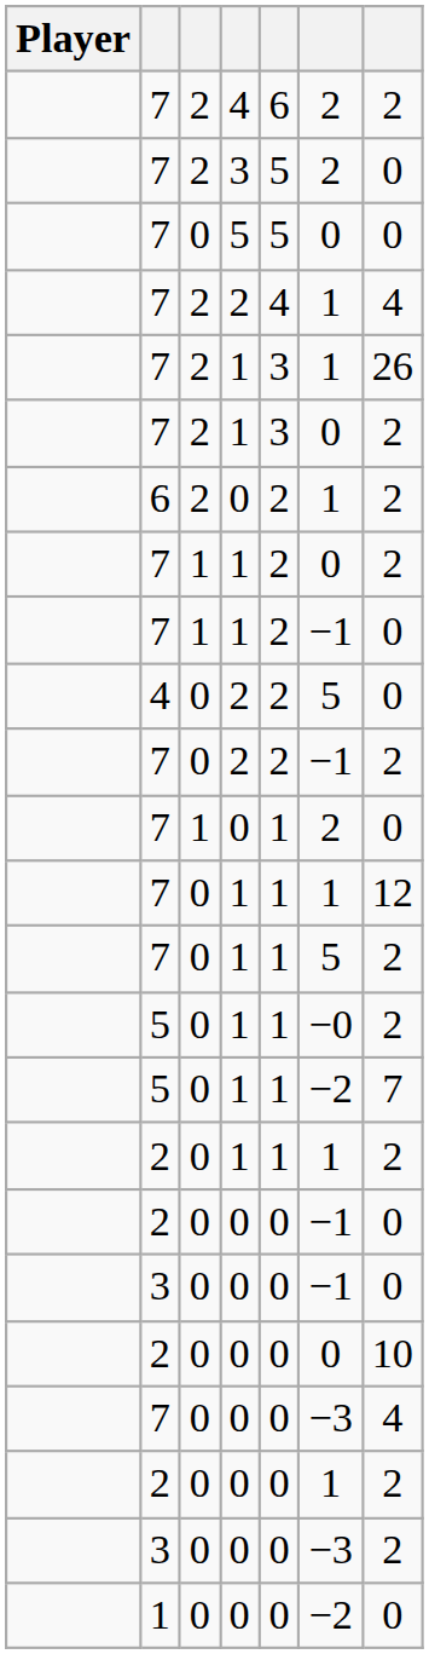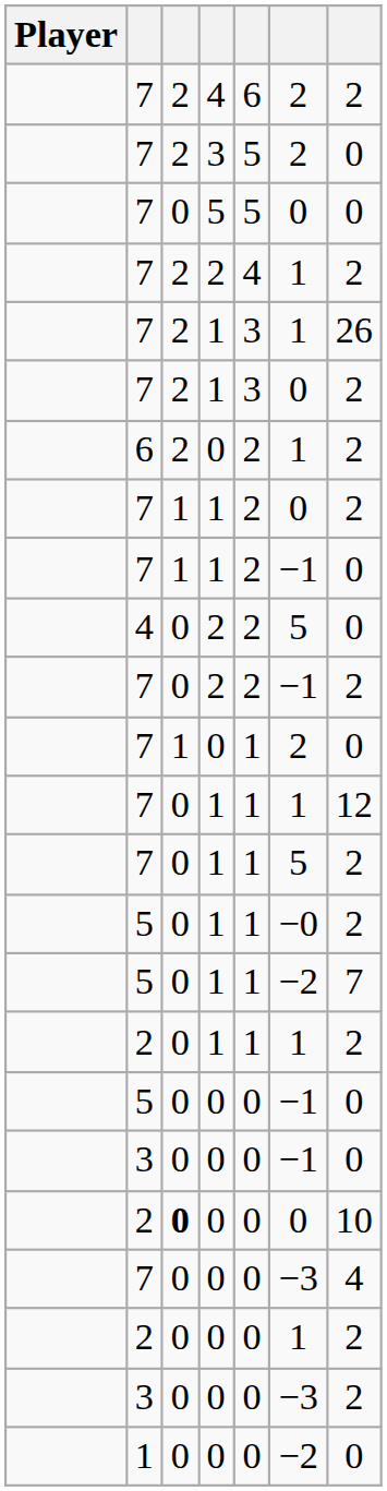 <table class="wikitable sortable" style="text-align:center;">
 <tr>
 <th>Player</th>
 <th></th>
 <th></th>
 <th></th>
 <th></th>
 <th data-sort-type="number"></th>
 <th></th>
 </tr>
 <tr>
 <td></td>
 <td>7</td>
 <td>2</td>
 <td>4</td>
 <td>6</td>
 <td>2</td>
 <td>2</td>
 </tr>
 <tr>
 <td></td>
 <td>7</td>
 <td>2</td>
 <td>3</td>
 <td>5</td>
 <td>2</td>
 <td>0</td>
 </tr>
 <tr>
 <td></td>
 <td>7</td>
 <td>0</td>
 <td>5</td>
 <td>5</td>
 <td>0</td>
 <td>0</td>
 </tr>
 <tr>
 <td></td>
 <td>7</td>
 <td>2</td>
 <td>2</td>
 <td>4</td>
 <td>1</td>
-<td>4</td>
+<td>2</td>
 </tr>
 <tr>
 <td></td>
 <td>7</td>
 <td>2</td>
 <td>1</td>
 <td>3</td>
 <td>1</td>
 <td>26</td>
 </tr>
 <tr>
 <td></td>
 <td>7</td>
 <td>2</td>
 <td>1</td>
 <td>3</td>
 <td>0</td>
 <td>2</td>
 </tr>
 <tr>
 <td></td>
 <td>6</td>
 <td>2</td>
 <td>0</td>
 <td>2</td>
 <td>1</td>
 <td>2</td>
 </tr>
 <tr>
 <td></td>
 <td>7</td>
 <td>1</td>
 <td>1</td>
 <td>2</td>
 <td>0</td>
 <td>2</td>
 </tr>
 <tr>
 <td></td>
 <td>7</td>
 <td>1</td>
 <td>1</td>
 <td>2</td>
 <td>−1</td>
 <td>0</td>
 </tr>
 <tr>
 <td></td>
 <td>4</td>
 <td>0</td>
 <td>2</td>
 <td>2</td>
 <td>5</td>
 <td>0</td>
 </tr>
 <tr>
 <td></td>
 <td>7</td>
 <td>0</td>
 <td>2</td>
 <td>2</td>
 <td>−1</td>
 <td>2</td>
 </tr>
 <tr>
 <td></td>
 <td>7</td>
 <td>1</td>
 <td>0</td>
 <td>1</td>
 <td>2</td>
 <td>0</td>
 </tr>
 <tr>
 <td></td>
 <td>7</td>
 <td>0</td>
 <td>1</td>
 <td>1</td>
 <td>1</td>
 <td>12</td>
 </tr>
 <tr>
 <td></td>
 <td>7</td>
 <td>0</td>
 <td>1</td>
 <td>1</td>
 <td>5</td>
 <td>2</td>
 </tr>
 <tr>
 <td></td>
 <td>5</td>
 <td>0</td>
 <td>1</td>
 <td>1</td>
 <td>−0</td>
 <td>2</td>
 </tr>
 <tr>
 <td></td>
 <td>5</td>
 <td>0</td>
 <td>1</td>
 <td>1</td>
 <td>−2</td>
 <td>7</td>
 </tr>
 <tr>
 <td></td>
 <td>2</td>
 <td>0</td>
 <td>1</td>
 <td>1</td>
 <td>1</td>
 <td>2</td>
 </tr>
 <tr>
 <td></td>
-<td>2</td>
+<td>5</td>
 <td>0</td>
 <td>0</td>
 <td>0</td>
 <td>−1</td>
 <td>0</td>
 </tr>
 <tr>
 <td></td>
 <td>3</td>
 <td>0</td>
 <td>0</td>
 <td>0</td>
 <td>−1</td>
 <td>0</td>
 </tr>
 <tr>
 <td></td>
 <td>2</td>
-<td>0</td>
+<td><strong>0</strong></td>
 <td>0</td>
 <td>0</td>
 <td>0</td>
 <td>10</td>
 </tr>
 <tr>
 <td></td>
 <td>7</td>
 <td>0</td>
 <td>0</td>
 <td>0</td>
 <td>−3</td>
 <td>4</td>
 </tr>
 <tr>
 <td></td>
 <td>2</td>
 <td>0</td>
 <td>0</td>
 <td>0</td>
 <td>1</td>
 <td>2</td>
 </tr>
 <tr>
 <td></td>
 <td>3</td>
 <td>0</td>
 <td>0</td>
 <td>0</td>
 <td>−3</td>
 <td>2</td>
 </tr>
 <tr>
 <td></td>
 <td>1</td>
 <td>0</td>
 <td>0</td>
 <td>0</td>
 <td>−2</td>
 <td>0</td>
 </tr>
 </table>
